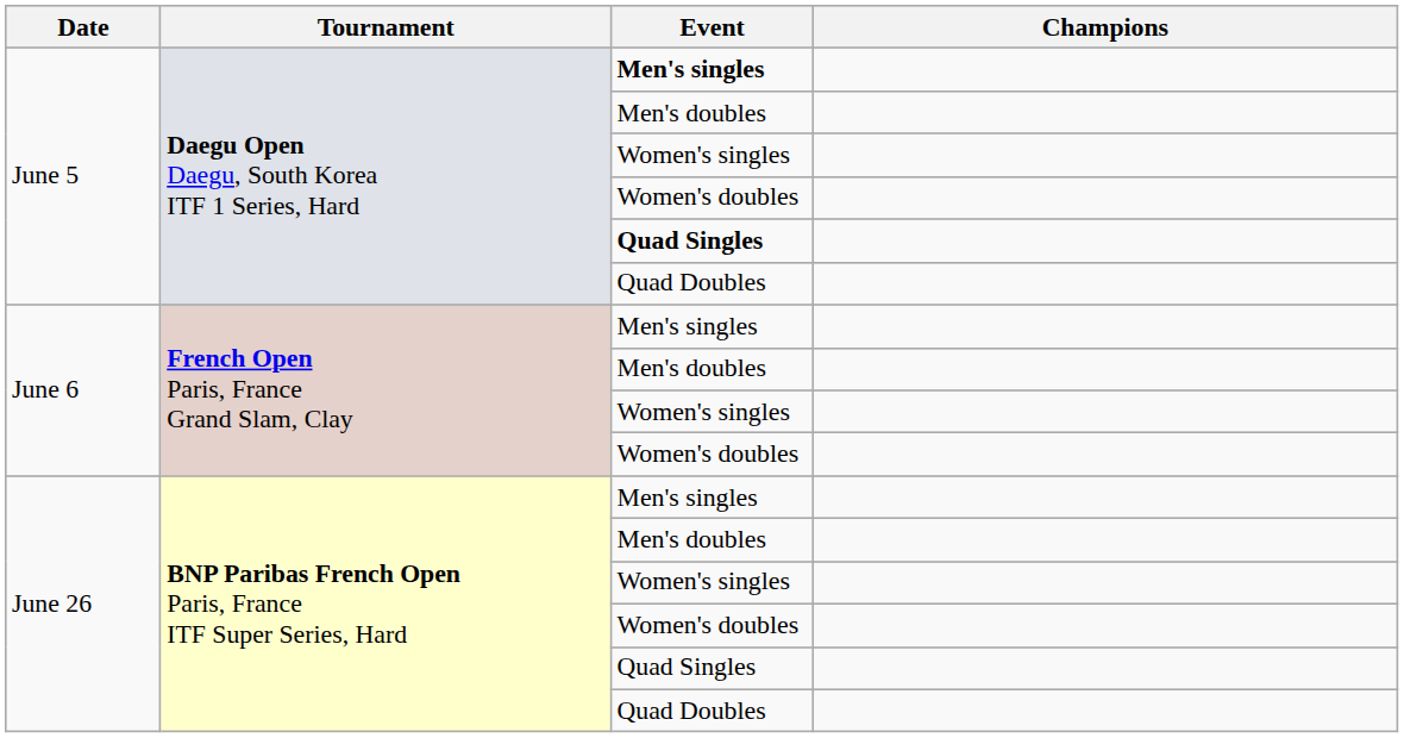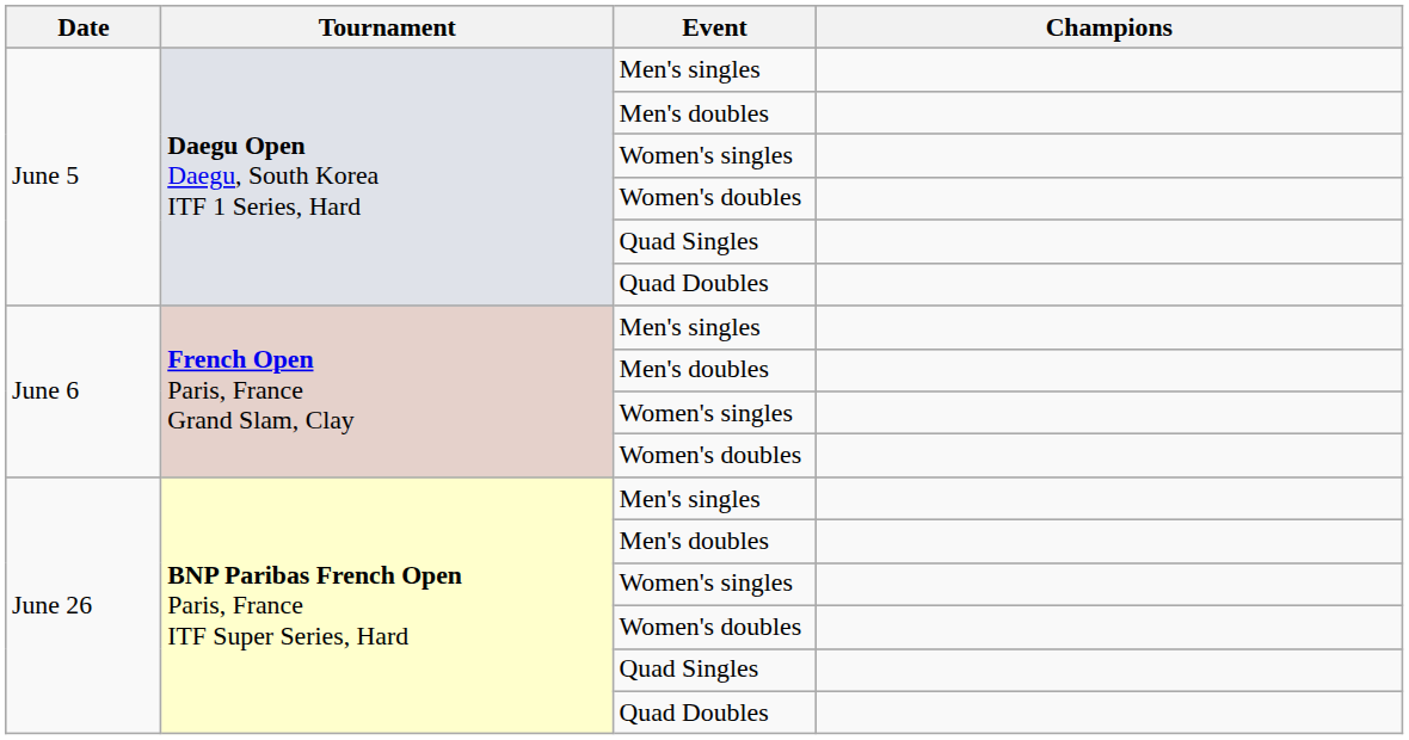 <table class=wikitable style=font-size:85%>
 <tr>
 <th width=75>Date</th>
 <th width=230>Tournament</th>
 <th width=100>Event</th>
 <th width=300>Champions</th>
 </tr>
 <tr>
 <td rowspan=6>June 5</td>
 <td bgcolor=#dfe2e9 rowspan=6><strong>Daegu Open</strong><br> <a href='#'>Daegu</a>, South Korea<br>ITF 1 Series, Hard</td>
-<td><strong>Men's singles</strong></td>
+<td>Men's singles</td>
 <td></td>
 </tr>
 <tr>
 <td>Men's doubles</td>
 <td><br></td>
 </tr>
 <tr>
 <td>Women's singles</td>
 <td></td>
 </tr>
 <tr>
 <td>Women's doubles</td>
 <td><br></td>
 </tr>
 <tr>
-<td><strong>Quad Singles</strong></td>
+<td>Quad Singles</td>
 <td></td>
 </tr>
 <tr>
 <td>Quad Doubles</td>
 <td><br></td>
 </tr>
 <tr>
 <td rowspan=4>June 6</td>
 <td bgcolor=#e5d1cb rowspan=4><strong><a href='#'>French Open</a></strong><br> Paris, France<br>Grand Slam, Clay</td>
 <td>Men's singles</td>
 <td></td>
 </tr>
 <tr>
 <td>Men's doubles</td>
 <td><br></td>
 </tr>
 <tr>
 <td>Women's singles</td>
 <td></td>
 </tr>
 <tr>
 <td>Women's doubles</td>
 <td><br></td>
 </tr>
 <tr>
 <td rowspan=6>June 26</td>
 <td bgcolor=#ffffcc rowspan=6><strong>BNP Paribas French Open</strong><br> Paris, France<br>ITF Super Series, Hard</td>
 <td>Men's singles</td>
 <td></td>
 </tr>
 <tr>
 <td>Men's doubles</td>
 <td><br></td>
 </tr>
 <tr>
 <td>Women's singles</td>
 <td></td>
 </tr>
 <tr>
 <td>Women's doubles</td>
 <td><br></td>
 </tr>
 <tr>
 <td>Quad Singles</td>
 <td></td>
 </tr>
 <tr>
 <td>Quad Doubles</td>
 <td><br></td>
 </tr>
 </table>
